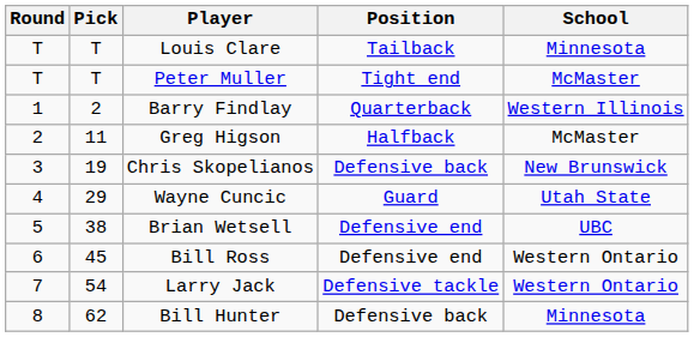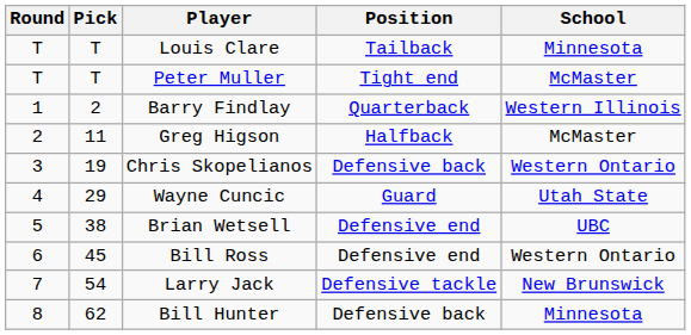 <table class="wikitable" style="font-size: 95%;">
 <tr>
 <th scope="col">Round</th>
 <th scope="col">Pick</th>
 <th scope="col">Player</th>
 <th scope="col">Position</th>
 <th scope="col">School</th>
 </tr>
 <tr align="center">
 <td align=center>T</td>
 <td>T</td>
 <td>Louis Clare</td>
 <td><a href='#'>Tailback</a></td>
 <td><a href='#'>Minnesota</a></td>
 </tr>
 <tr align="center">
 <td align=center>T</td>
 <td>T</td>
 <td><a href='#'>Peter Muller</a></td>
 <td><a href='#'>Tight end</a></td>
 <td><a href='#'>McMaster</a></td>
 </tr>
 <tr align="center">
 <td align=center>1</td>
 <td>2</td>
 <td>Barry Findlay</td>
 <td><a href='#'>Quarterback</a></td>
 <td><a href='#'>Western Illinois</a></td>
 </tr>
 <tr align="center">
 <td align=center>2</td>
 <td>11</td>
 <td>Greg Higson</td>
 <td><a href='#'>Halfback</a></td>
 <td>McMaster</td>
 </tr>
 <tr align="center">
 <td align=center>3</td>
 <td>19</td>
 <td>Chris Skopelianos</td>
 <td><a href='#'>Defensive back</a></td>
-<td><a href='#'>New Brunswick</a></td>
+<td><a href='#'>Western Ontario</a></td>
 </tr>
 <tr align="center">
 <td align=center>4</td>
 <td>29</td>
 <td>Wayne Cuncic</td>
 <td><a href='#'>Guard</a></td>
 <td><a href='#'>Utah State</a></td>
 </tr>
 <tr align="center">
 <td align=center>5</td>
 <td>38</td>
 <td>Brian Wetsell</td>
 <td><a href='#'>Defensive end</a></td>
 <td><a href='#'>UBC</a></td>
 </tr>
 <tr align="center">
 <td align=center>6</td>
 <td>45</td>
 <td>Bill Ross</td>
 <td>Defensive end</td>
 <td>Western Ontario</td>
 </tr>
 <tr align="center">
 <td align=center>7</td>
 <td>54</td>
 <td>Larry Jack</td>
 <td><a href='#'>Defensive tackle</a></td>
-<td><a href='#'>Western Ontario</a></td>
+<td><a href='#'>New Brunswick</a></td>
 </tr>
 <tr align="center">
 <td align=center>8</td>
 <td>62</td>
 <td>Bill Hunter</td>
 <td>Defensive back</td>
 <td><a href='#'>Minnesota</a></td>
 </tr>
 </table>
